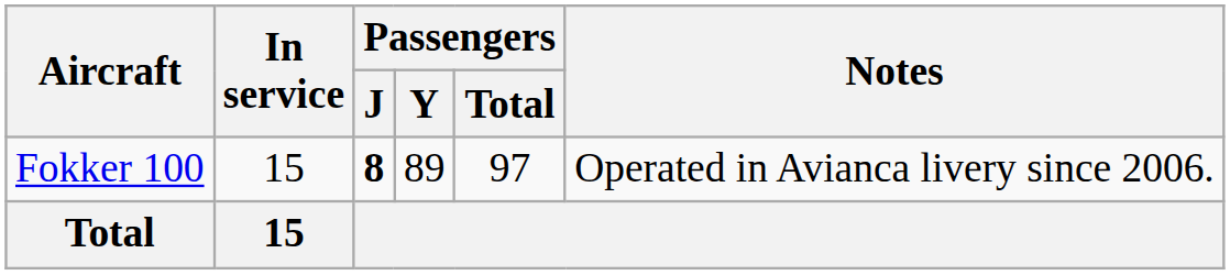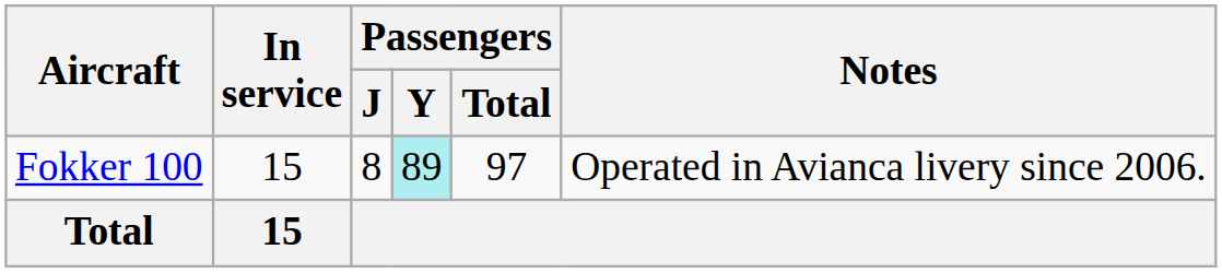 <table class="wikitable" style="margin:0.5em auto; text-align:center">
 <tr>
 <th rowspan=2>Aircraft</th>
 <th rowspan=2>In<br>service</th>
 <th colspan=3>Passengers</th>
 <th rowspan=2>Notes</th>
 </tr>
 <tr>
 <th><abbr>J</abbr></th>
 <th><abbr>Y</abbr></th>
 <th>Total</th>
 </tr>
 <tr>
 <td><a href='#'>Fokker 100</a></td>
 <td>15</td>
-<td><strong>8</strong></td>
-<td>89</td>
+<td>8</td>
+<td style="background: paleturquoise;">89</td>
 <td>97</td>
 <td>Operated in Avianca livery since 2006.</td>
 </tr>
 <tr>
 <th>Total</th>
 <th>15</th>
 <th colspan=4></th>
 </tr>
 </table>
